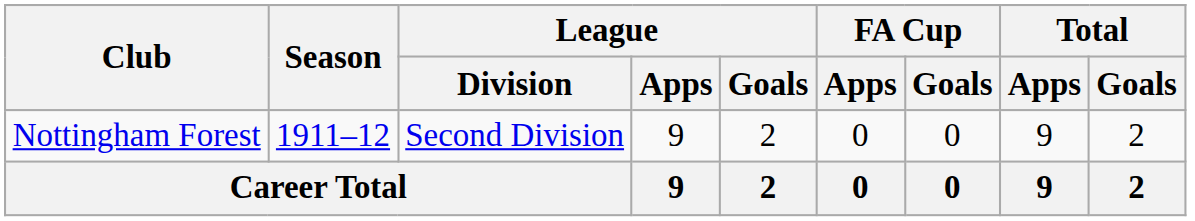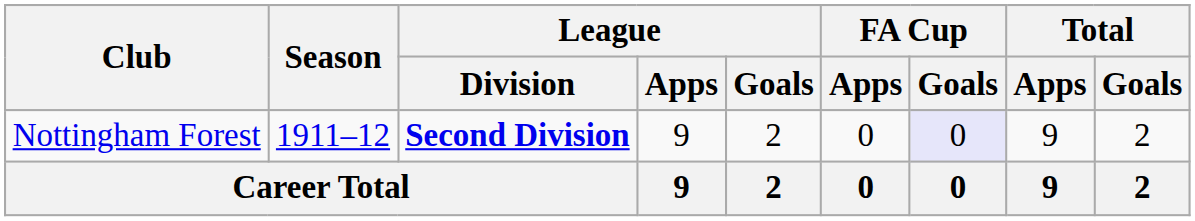 <table class="wikitable" style="text-align: center;">
 <tr>
 <th rowspan="2">Club</th>
 <th rowspan="2">Season</th>
 <th colspan="3">League</th>
 <th colspan="2">FA Cup</th>
 <th colspan="2">Total</th>
 </tr>
 <tr>
 <th>Division</th>
 <th>Apps</th>
 <th>Goals</th>
 <th>Apps</th>
 <th>Goals</th>
 <th>Apps</th>
 <th>Goals</th>
 </tr>
 <tr>
 <td><a href='#'>Nottingham Forest</a></td>
 <td><a href='#'>1911–12</a></td>
-<td><a href='#'>Second Division</a></td>
+<td><strong><a href='#'>Second Division</a></strong></td>
 <td>9</td>
 <td>2</td>
 <td>0</td>
-<td>0</td>
+<td style="background: lavender;">0</td>
 <td>9</td>
 <td>2</td>
 </tr>
 <tr>
 <th colspan="3">Career Total</th>
 <th>9</th>
 <th>2</th>
 <th>0</th>
 <th>0</th>
 <th>9</th>
 <th>2</th>
 </tr>
 </table>
